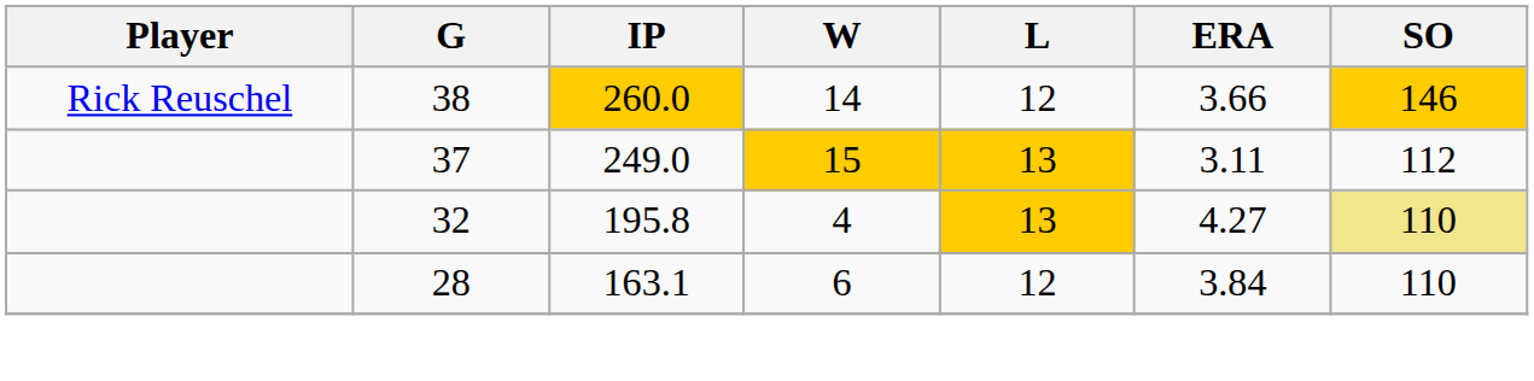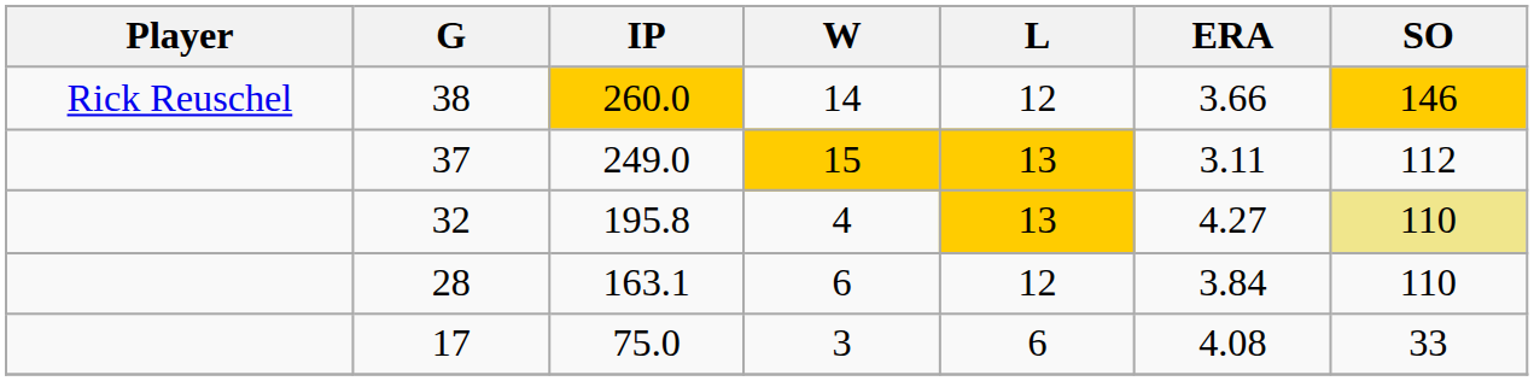 <table class="wikitable sortable">
 <tr>
 <th bgcolor="#DDDDFF" width="16%">Player</th>
 <th bgcolor="#DDDDFF" width="9%">G</th>
 <th bgcolor="#DDDDFF" width="9%">IP</th>
 <th bgcolor="#DDDDFF" width="9%">W</th>
 <th bgcolor="#DDDDFF" width="9%">L</th>
 <th bgcolor="#DDDDFF" width="9%">ERA</th>
 <th bgcolor="#DDDDFF" width="9%">SO</th>
 </tr>
 <tr align="center">
 <td><a href='#'>Rick Reuschel</a></td>
 <td>38</td>
 <td style="background:#fc0;">260.0</td>
 <td>14</td>
 <td>12</td>
 <td>3.66</td>
 <td style="background:#fc0;">146</td>
 </tr>
 <tr align=center>
 <td></td>
 <td>37</td>
 <td>249.0</td>
 <td style="background:#fc0;">15</td>
 <td style="background:#fc0;">13</td>
 <td>3.11</td>
 <td>112</td>
 </tr>
 <tr align="center">
 <td></td>
 <td>32</td>
 <td>195.8</td>
 <td>4</td>
 <td style="background:#fc0;">13</td>
 <td>4.27</td>
 <td style="background: khaki;">110</td>
 </tr>
 <tr align="center">
 <td></td>
 <td>28</td>
 <td>163.1</td>
 <td>6</td>
 <td>12</td>
 <td>3.84</td>
 <td>110</td>
 </tr>
 <tr align="center">
+<td></td>
+<td>17</td>
+<td>75.0</td>
+<td>3</td>
+<td>6</td>
+<td>4.08</td>
+<td>33</td>
+</tr>
+<tr align="center">
 </tr>
 </table>
